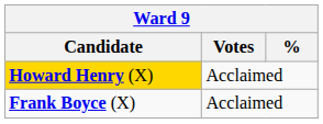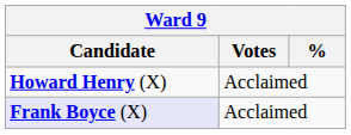 <table class="wikitable">
 <tr>
 <th colspan="3"><a href='#'>Ward 9</a></th>
 </tr>
 <tr>
 <th style="width: 170px">Candidate</th>
 <th style="width: 50px">Votes</th>
 <th style="width: 40px">%</th>
 </tr>
 <tr>
-<td style="background: gold;"><strong><a href='#'>Howard Henry</a></strong> (X)</td>
+<td><strong><a href='#'>Howard Henry</a></strong> (X)</td>
 <td colspan="2">Acclaimed</td>
 </tr>
 <tr>
-<td><strong><a href='#'>Frank Boyce</a></strong> (X)</td>
+<td style="background: lavender;"><strong><a href='#'>Frank Boyce</a></strong> (X)</td>
 <td colspan="2">Acclaimed</td>
 </tr>
 </table>
